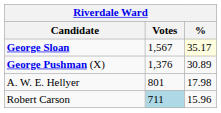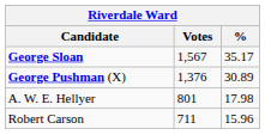 <table class="wikitable">
 <tr>
 <th colspan="3"><a href='#'>Riverdale Ward</a></th>
 </tr>
 <tr>
 <th style="width: 200px">Candidate</th>
 <th style="width: 50px">Votes</th>
 <th style="width: 40px">%</th>
 </tr>
 <tr>
 <td><strong><a href='#'>George Sloan</a></strong></td>
 <td>1,567</td>
-<td style="background: lightyellow;">35.17</td>
+<td>35.17</td>
 </tr>
 <tr>
 <td><strong><a href='#'>George Pushman</a></strong> (X)</td>
 <td>1,376</td>
 <td>30.89</td>
 </tr>
 <tr>
 <td>A. W. E. Hellyer</td>
 <td>801</td>
 <td>17.98</td>
 </tr>
 <tr>
 <td>Robert Carson</td>
-<td style="background: lightblue;">711</td>
+<td>711</td>
 <td>15.96</td>
 </tr>
 </table>
